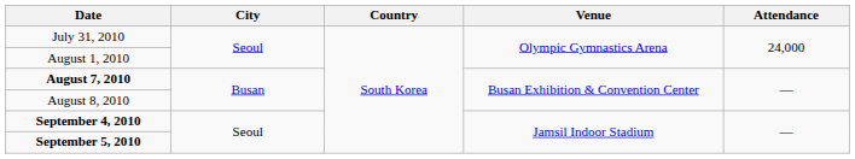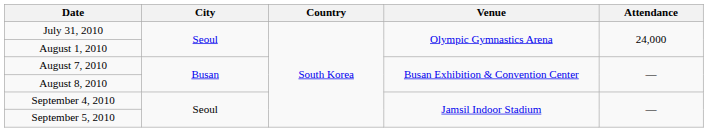 <table class="wikitable" style="text-align:center;">
 <tr>
 <th scope="col" style="width:12em;">Date</th>
 <th scope="col" style="width:11em;">City</th>
 <th scope="col" style="width:10em;">Country</th>
 <th scope="col" style="width:19em;">Venue</th>
 <th scope="col" style="width:9em;">Attendance</th>
 </tr>
 <tr>
 <td>July 31, 2010</td>
 <td rowspan=2><a href='#'>Seoul</a></td>
 <td rowspan=6><a href='#'>South Korea</a></td>
 <td rowspan=2><a href='#'>Olympic Gymnastics Arena</a></td>
 <td rowspan=2>24,000</td>
 </tr>
 <tr>
 <td>August 1, 2010</td>
 </tr>
 <tr>
-<td><strong>August 7, 2010</strong></td>
+<td>August 7, 2010</td>
 <td rowspan=2><a href='#'>Busan</a></td>
 <td rowspan=2><a href='#'>Busan Exhibition & Convention Center</a></td>
 <td rowspan=2>—</td>
 </tr>
 <tr>
 <td>August 8, 2010</td>
 </tr>
 <tr>
-<td><strong>September 4, 2010</strong></td>
+<td>September 4, 2010</td>
 <td rowspan=2>Seoul</td>
 <td rowspan=2><a href='#'>Jamsil Indoor Stadium</a></td>
 <td rowspan=2>—</td>
 </tr>
 <tr>
-<td><strong>September 5, 2010</strong></td>
+<td>September 5, 2010</td>
 </tr>
 </table>
